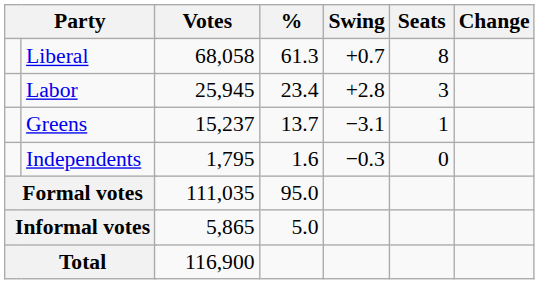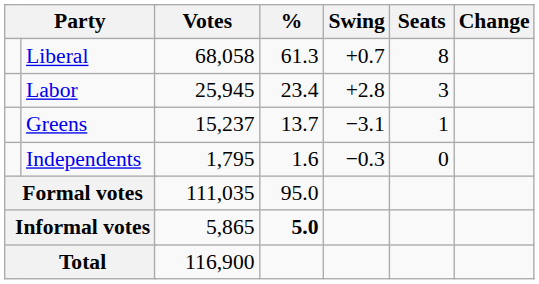 <table class="wikitable" style="text-align:right; margin-bottom:0">
 <tr>
 <th style="width:10px" colspan=3>Party</th>
 <th style="width:70px;">Votes</th>
 <th style="width:40px;">%</th>
 <th style="width:40px;">Swing</th>
 <th style="width:40px;">Seats</th>
 <th style="width:40px;">Change</th>
 </tr>
 <tr>
 <td> </td>
 <td style="text-align:left;" colspan="2"><a href='#'>Liberal</a></td>
 <td>68,058</td>
 <td>61.3</td>
 <td>+0.7</td>
 <td>8</td>
 <td></td>
 </tr>
 <tr>
 <td> </td>
 <td style="text-align:left;" colspan="2"><a href='#'>Labor</a></td>
 <td>25,945</td>
 <td>23.4</td>
 <td>+2.8</td>
 <td>3</td>
 <td></td>
 </tr>
 <tr>
 <td> </td>
 <td style="text-align:left;" colspan="2"><a href='#'>Greens</a></td>
 <td>15,237</td>
 <td>13.7</td>
 <td>−3.1</td>
 <td>1</td>
 <td></td>
 </tr>
 <tr>
 <td> </td>
 <td style="text-align:left;" colspan="2"><a href='#'>Independents</a></td>
 <td>1,795</td>
 <td>1.6</td>
 <td>−0.3</td>
 <td>0</td>
 <td></td>
 </tr>
 <tr>
 <th colspan="3" rowspan="1"> Formal votes</th>
 <td>111,035</td>
 <td>95.0</td>
 <td></td>
 <td></td>
 <td></td>
 </tr>
 <tr>
 <th colspan="3" rowspan="1"> Informal votes</th>
 <td>5,865</td>
-<td>5.0</td>
+<td><strong>5.0</strong></td>
 <td></td>
 <td></td>
 <td></td>
 </tr>
 <tr>
 <th colspan="3" rowspan="1"> <strong>Total </strong></th>
 <td>116,900</td>
 <td></td>
 <td></td>
 <td></td>
 <td></td>
 </tr>
 </table>
